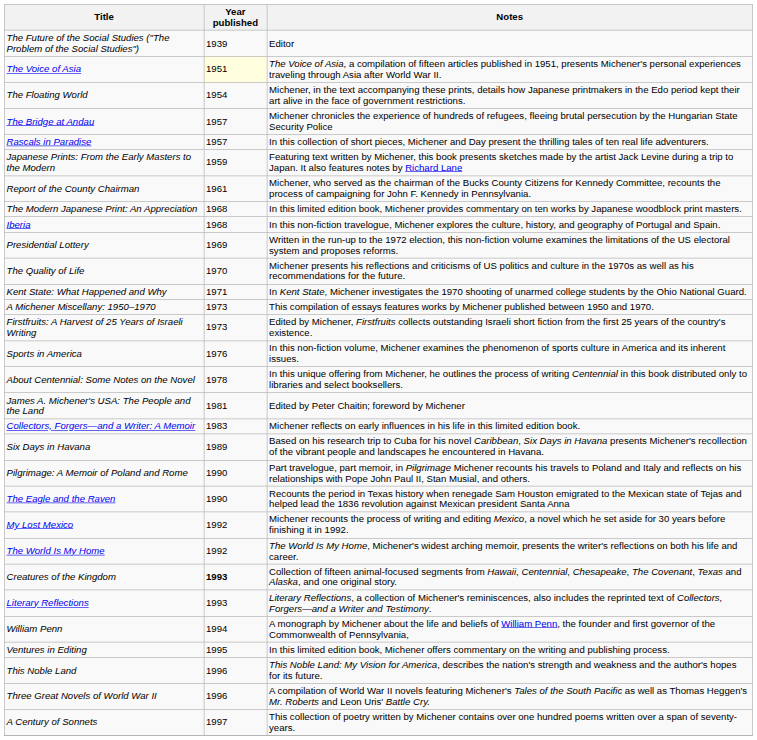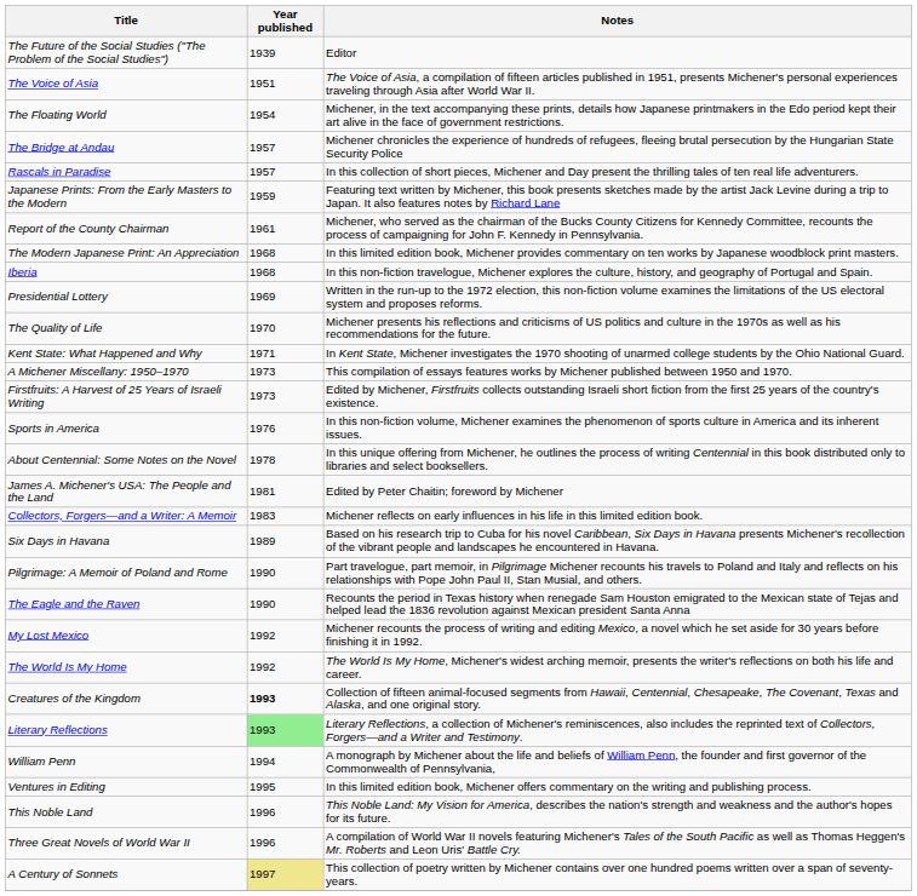 <table class="wikitable sortable">
 <tr>
 <th>Title</th>
 <th>Year published</th>
 <th>Notes</th>
 </tr>
 <tr>
 <td><em>The Future of the Social Studies ("The Problem of the Social Studies")</em></td>
 <td>1939</td>
 <td>Editor</td>
 </tr>
 <tr>
 <td><em><a href='#'>The Voice of Asia</a></em></td>
-<td style="background: lightyellow;">1951</td>
+<td>1951</td>
 <td><em>The Voice of Asia</em>, a compilation of fifteen articles published in 1951, presents Michener's personal experiences traveling through Asia after World War II.</td>
 </tr>
 <tr>
 <td><em>The Floating World</em></td>
 <td>1954</td>
 <td>Michener, in the text accompanying these prints, details how Japanese printmakers in the Edo period kept their art alive in the face of government restrictions.</td>
 </tr>
 <tr>
 <td><em><a href='#'>The Bridge at Andau</a></em></td>
 <td>1957</td>
 <td>Michener chronicles the experience of hundreds of refugees, fleeing brutal persecution by the Hungarian State Security Police</td>
 </tr>
 <tr>
 <td><em><a href='#'>Rascals in Paradise</a></em></td>
 <td>1957</td>
 <td>In this collection of short pieces, Michener and Day present the thrilling tales of ten real life adventurers.</td>
 </tr>
 <tr>
 <td><em>Japanese Prints: From the Early Masters to the Modern</em></td>
 <td>1959</td>
 <td>Featuring text written by Michener, this book presents sketches made by the artist Jack Levine during a trip to Japan. It also features notes by <a href='#'>Richard Lane</a></td>
 </tr>
 <tr>
 <td><em>Report of the County Chairman</em></td>
 <td>1961</td>
 <td>Michener, who served as the chairman of the Bucks County Citizens for Kennedy Committee, recounts the process of campaigning for John F. Kennedy in Pennsylvania.</td>
 </tr>
 <tr>
 <td><em>The Modern Japanese Print: An Appreciation</em></td>
 <td>1968</td>
 <td>In this limited edition book, Michener provides commentary on ten works by Japanese woodblock print masters.</td>
 </tr>
 <tr>
 <td><em><a href='#'>Iberia</a></em></td>
 <td>1968</td>
 <td>In this non-fiction travelogue, Michener explores the culture, history, and geography of Portugal and Spain.</td>
 </tr>
 <tr>
 <td><em>Presidential Lottery</em></td>
 <td>1969</td>
 <td>Written in the run-up to the 1972 election, this non-fiction volume examines the limitations of the US electoral system and proposes reforms.</td>
 </tr>
 <tr>
 <td><em>The Quality of Life</em></td>
 <td>1970</td>
 <td>Michener presents his reflections and criticisms of US politics and culture in the 1970s as well as his recommendations for the future.</td>
 </tr>
 <tr>
 <td><em>Kent State: What Happened and Why</em></td>
 <td>1971</td>
 <td>In <em>Kent State</em>, Michener investigates the 1970 shooting of unarmed college students by the Ohio National Guard.</td>
 </tr>
 <tr>
 <td><em>A Michener Miscellany: 1950–1970</em></td>
 <td>1973</td>
 <td>This compilation of essays features works by Michener published between 1950 and 1970.</td>
 </tr>
 <tr>
 <td><em>Firstfruits: A Harvest of 25 Years of Israeli Writing</em></td>
 <td>1973</td>
 <td>Edited by Michener, <em>Firstfruits</em> collects outstanding Israeli short fiction from the first 25 years of the country's existence.</td>
 </tr>
 <tr>
 <td><em>Sports in America</em></td>
 <td>1976</td>
 <td>In this non-fiction volume, Michener examines the phenomenon of sports culture in America and its inherent issues.</td>
 </tr>
 <tr>
 <td><em>About Centennial: Some Notes on the Novel</em></td>
 <td>1978</td>
 <td>In this unique offering from Michener, he outlines the process of writing <em>Centennial</em> in this book distributed only to libraries and select booksellers.</td>
 </tr>
 <tr>
 <td><em>James A. Michener's USA: The People and the Land</em></td>
 <td>1981</td>
 <td>Edited by Peter Chaitin; foreword by Michener</td>
 </tr>
 <tr>
 <td><em><a href='#'>Collectors, Forgers—and a Writer: A Memoir</a></em></td>
 <td>1983</td>
 <td>Michener reflects on early influences in his life in this limited edition book.</td>
 </tr>
 <tr>
 <td><em>Six Days in Havana</em></td>
 <td>1989</td>
 <td>Based on his research trip to Cuba for his novel <em>Caribbean</em>, <em>Six Days in Havana</em> presents Michener's recollection of the vibrant people and landscapes he encountered in Havana.</td>
 </tr>
 <tr>
 <td><em>Pilgrimage: A Memoir of Poland and Rome</em></td>
 <td>1990</td>
 <td>Part travelogue, part memoir, in <em>Pilgrimage</em> Michener recounts his travels to Poland and Italy and reflects on his relationships with Pope John Paul II, Stan Musial, and others.</td>
 </tr>
 <tr>
 <td><em><a href='#'>The Eagle and the Raven</a></em></td>
 <td>1990</td>
 <td>Recounts the period in Texas history when renegade Sam Houston emigrated to the Mexican state of Tejas and helped lead the 1836 revolution against Mexican president Santa Anna</td>
 </tr>
 <tr>
 <td><em><a href='#'>My Lost Mexico</a></em></td>
 <td>1992</td>
 <td>Michener recounts the process of writing and editing <em>Mexico</em>, a novel which he set aside for 30 years before finishing it in 1992.</td>
 </tr>
 <tr>
 <td><em><a href='#'>The World Is My Home</a></em></td>
 <td>1992</td>
 <td><em>The World Is My Home</em>, Michener's widest arching memoir, presents the writer's reflections on both his life and career.</td>
 </tr>
 <tr>
 <td><em>Creatures of the Kingdom</em></td>
 <td><strong>1993</strong></td>
 <td>Collection of fifteen animal-focused segments from <em>Hawaii</em>, <em>Centennial</em>, <em>Chesapeake</em>, <em>The Covenant</em>, <em>Texas</em> and <em>Alaska</em>, and one original story.</td>
 </tr>
 <tr>
 <td><em><a href='#'>Literary Reflections</a></em></td>
-<td>1993</td>
+<td style="background: lightgreen;">1993</td>
 <td><em>Literary Reflections</em>, a collection of Michener's reminiscences, also includes the reprinted text of <em>Collectors, Forgers—and a Writer and Testimony</em>.</td>
 </tr>
 <tr>
 <td><em>William Penn</em></td>
 <td>1994</td>
 <td>A monograph by Michener about the life and beliefs of <a href='#'>William Penn</a>, the founder and first governor of the Commonwealth of Pennsylvania,</td>
 </tr>
 <tr>
 <td><em>Ventures in Editing</em></td>
 <td>1995</td>
 <td>In this limited edition book, Michener offers commentary on the writing and publishing process.</td>
 </tr>
 <tr>
 <td><em>This Noble Land</em></td>
 <td>1996</td>
 <td><em>This Noble Land: My Vision for America</em>, describes the nation's strength and weakness and the author's hopes for its future.</td>
 </tr>
 <tr>
 <td><em>Three Great Novels of World War II</em></td>
 <td>1996</td>
 <td>A compilation of World War II novels featuring Michener's <em>Tales of the South Pacific</em> as well as Thomas Heggen's <em>Mr. Roberts</em> and Leon Uris' <em>Battle Cry.</em></td>
 </tr>
 <tr>
 <td><em>A Century of Sonnets</em></td>
-<td>1997</td>
+<td style="background: khaki;">1997</td>
 <td>This collection of poetry written by Michener contains over one hundred poems written over a span of seventy-years.</td>
 </tr>
 <tr>
 </tr>
 </table>
